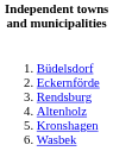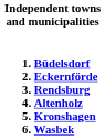 <table align=left>
 <tr ---->
 <th>Independent towns<br>and municipalities</th>
 </tr>
 <tr>
-<td valign=top><br><ol><li><a href='#'>Büdelsdorf</a></li><li><a href='#'>Eckernförde</a></li><li><a href='#'>Rendsburg</a></li><li><a href='#'>Altenholz</a></li><li><a href='#'>Kronshagen</a></li><li><a href='#'>Wasbek</a></li></ol></td>
+<td valign=top><strong><br><ol><li><a href='#'>Büdelsdorf</a></li><li><a href='#'>Eckernförde</a></li><li><a href='#'>Rendsburg</a></li><li><a href='#'>Altenholz</a></li><li><a href='#'>Kronshagen</a></li><li><a href='#'>Wasbek</a></li></ol></strong></td>
 </tr>
 </table>
